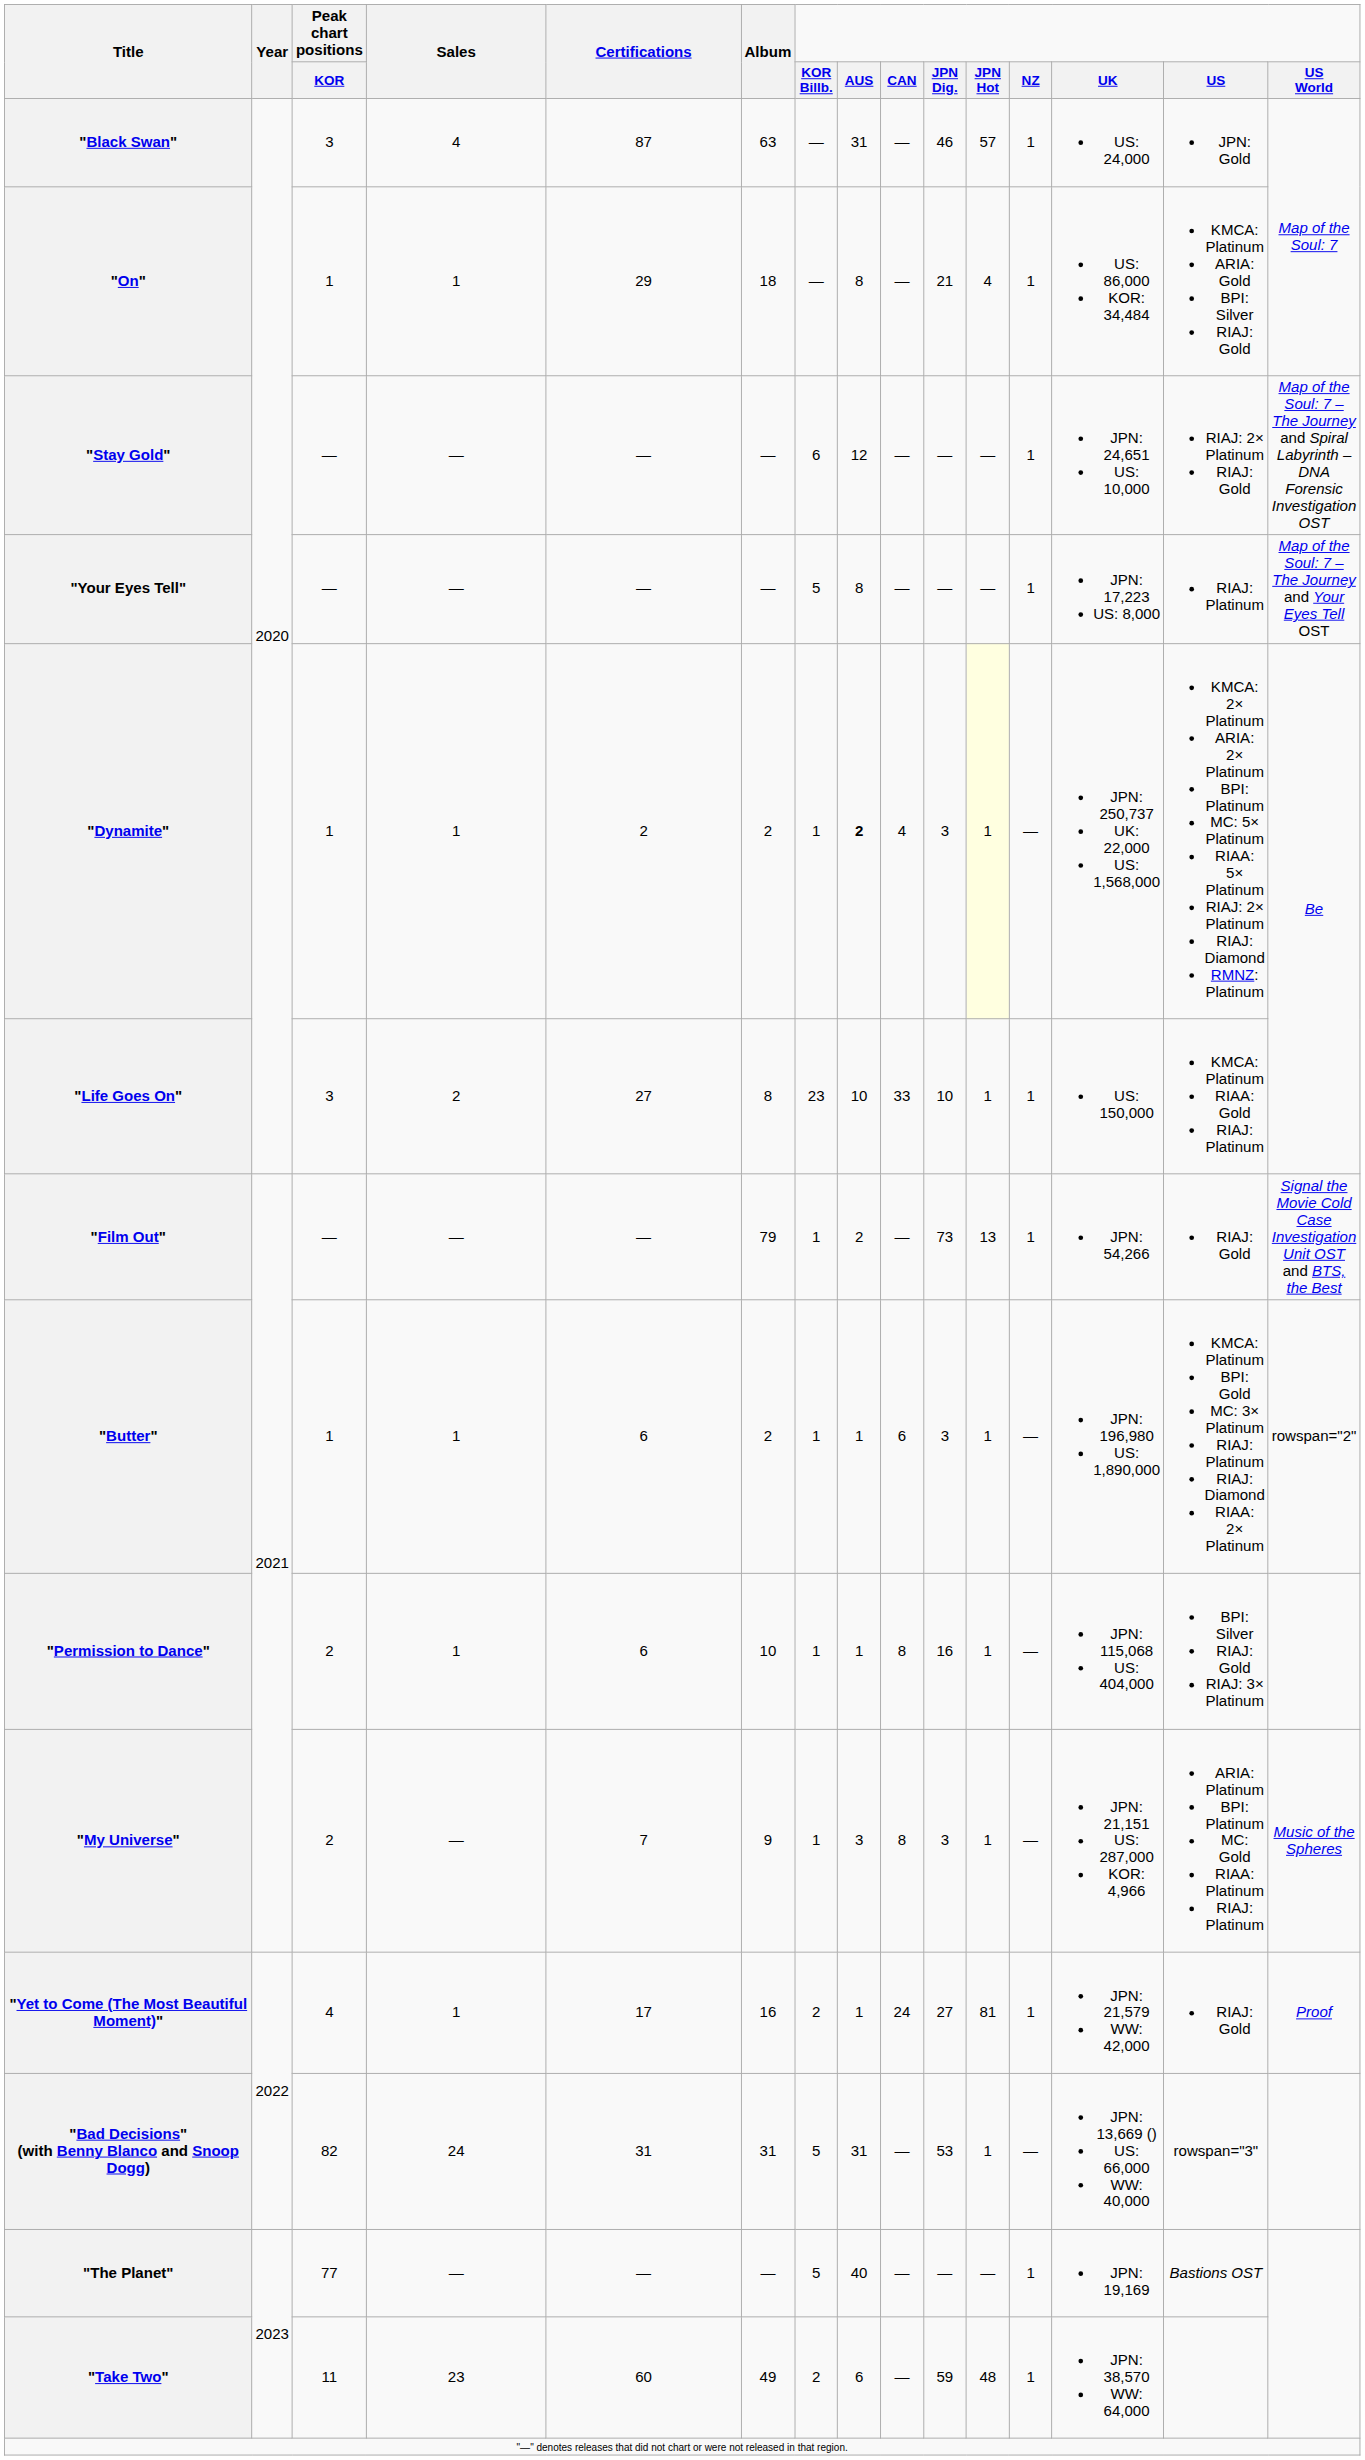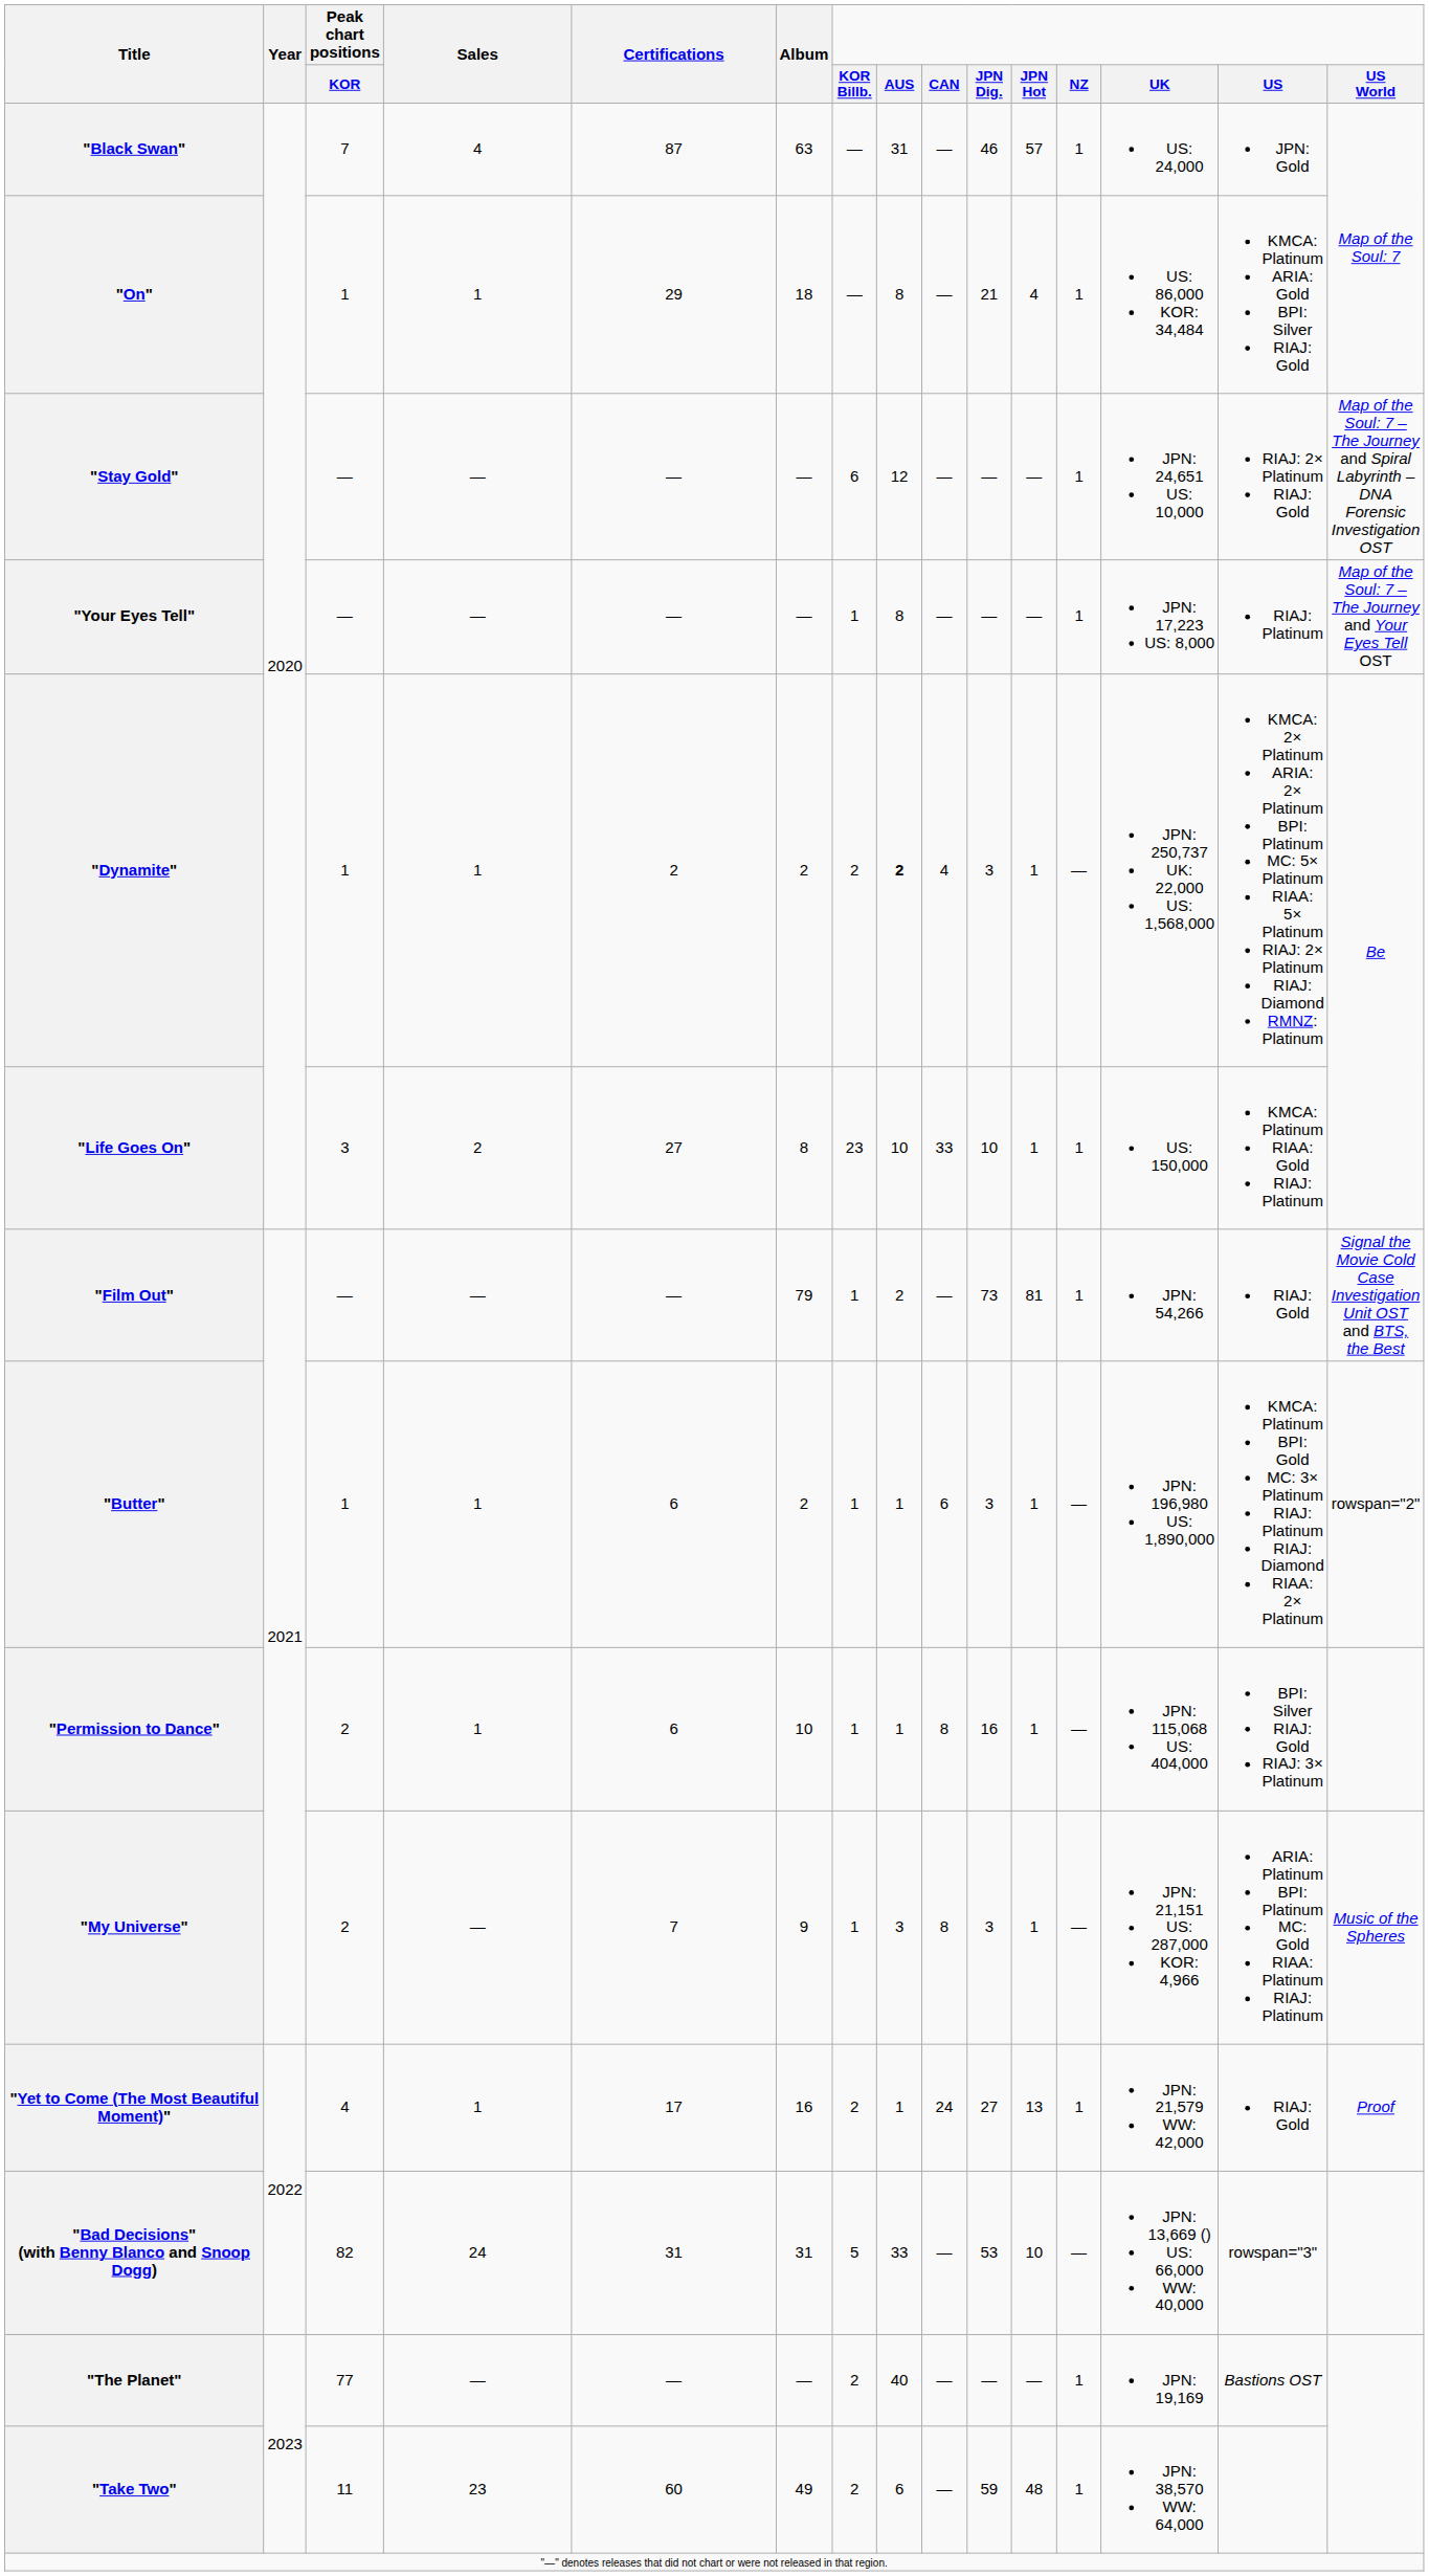 <table class="wikitable plainrowheaders" style="text-align:center;">
 <tr>
 <th scope="col" rowspan="2" style="width:16em;">Title</th>
 <th scope="col" rowspan="2">Year</th>
 <th scope="col">Peak chart positions</th>
 <th scope="col" rowspan="2" style="width:11.5em;">Sales<br></th>
 <th scope="col" rowspan="2" style="width:12.5em;"><a href='#'>Certifications</a><br></th>
 <th scope="col" rowspan="2">Album</th>
 </tr>
 <tr>
 <th scope="col" style="width:2.7em;font-size:90%;"><a href='#'>KOR</a><br></th>
 <th scope="col" style="width:2.7em;font-size:90%;"><a href='#'>KOR<br>Billb.</a><br></th>
 <th scope="col" style="width:2.7em;font-size:90%;"><a href='#'>AUS</a><br></th>
 <th scope="col" style="width:2.7em;font-size:90%;"><a href='#'>CAN</a><br></th>
 <th scope="col" style="width:2.7em;font-size:90%;"><a href='#'>JPN<br>Dig.</a><br></th>
 <th scope="col" style="width:2.7em;font-size:90%;"><a href='#'>JPN<br>Hot</a><br></th>
 <th scope="col" style="width:2.7em;font-size:90%;"><a href='#'>NZ</a><br></th>
 <th scope="col" style="width:2.7em;font-size:90%;"><a href='#'>UK</a><br></th>
 <th scope="col" style="width:2.7em;font-size:90%;"><a href='#'>US</a><br></th>
 <th scope="col" style="width:2.7em;font-size:90%;"><a href='#'>US<br>World</a><br></th>
 </tr>
 <tr>
 <th scope="row">"<a href='#'>Black Swan</a>"</th>
 <td rowspan="6">2020</td>
-<td>3</td>
+<td>7</td>
 <td>4</td>
 <td>87</td>
 <td>63</td>
 <td>—</td>
 <td>31</td>
 <td>—</td>
 <td>46</td>
 <td>57</td>
 <td>1</td>
 <td><br><ul><li>US: 24,000</li></ul></td>
 <td><br><ul><li>JPN: Gold</li></ul></td>
 <td rowspan="2"><em><a href='#'>Map of the Soul: 7</a></em></td>
 </tr>
 <tr>
 <th scope="row">"<a href='#'>On</a>"</th>
 <td>1</td>
 <td>1</td>
 <td>29</td>
 <td>18</td>
 <td>—</td>
 <td>8</td>
 <td>—</td>
 <td>21</td>
 <td>4</td>
 <td>1</td>
 <td><br><ul><li>US: 86,000</li><li>KOR: 34,484</li></ul></td>
 <td><br><ul><li>KMCA: Platinum</li><li>ARIA: Gold</li><li>BPI: Silver</li><li>RIAJ: Gold</li></ul></td>
 </tr>
 <tr>
 <th scope="row">"<a href='#'>Stay Gold</a>"</th>
 <td>—</td>
 <td>—</td>
 <td>—</td>
 <td>—</td>
 <td>6</td>
 <td>12</td>
 <td>—</td>
 <td>—</td>
 <td>—</td>
 <td>1</td>
 <td><br><ul><li>JPN: 24,651 </li><li>US: 10,000</li></ul></td>
 <td><br><ul><li>RIAJ: 2× Platinum</li><li>RIAJ: Gold</li></ul></td>
 <td><em><a href='#'>Map of the Soul: 7 – The Journey</a></em><br> and <em>Spiral Labyrinth – DNA Forensic Investigation OST</em></td>
 </tr>
 <tr>
 <th scope="row">"Your Eyes Tell"</th>
 <td>—</td>
 <td>—</td>
 <td>—</td>
 <td>—</td>
-<td>5</td>
+<td>1</td>
 <td>8</td>
 <td>—</td>
 <td>—</td>
 <td>—</td>
 <td>1</td>
 <td><br><ul><li>JPN: 17,223 </li><li>US: 8,000</li></ul></td>
 <td><br><ul><li>RIAJ: Platinum</li></ul></td>
 <td><em><a href='#'>Map of the Soul: 7 – The Journey</a></em><br>and <em><a href='#'>Your Eyes Tell</a></em> OST</td>
 </tr>
 <tr>
 <th scope="row">"<a href='#'>Dynamite</a>"</th>
 <td>1</td>
 <td>1</td>
 <td>2</td>
 <td>2</td>
-<td>1</td>
+<td>2</td>
 <td><strong>2</strong></td>
 <td>4</td>
 <td>3</td>
-<td style="background: lightyellow;">1</td>
+<td>1</td>
 <td>—</td>
 <td><br><ul><li>JPN: 250,737 </li><li>UK: 22,000</li><li>US: 1,568,000</li></ul></td>
 <td><br><ul><li>KMCA: 2× Platinum</li><li>ARIA: 2× Platinum</li><li>BPI: Platinum</li><li>MC: 5× Platinum</li><li>RIAA: 5× Platinum</li><li>RIAJ: 2× Platinum</li><li>RIAJ: Diamond</li><li><a href='#'>RMNZ</a>: Platinum</li></ul></td>
 <td rowspan="2"><em><a href='#'>Be</a></em></td>
 </tr>
 <tr>
 <th scope="row">"<a href='#'>Life Goes On</a>"</th>
 <td>3</td>
 <td>2</td>
 <td>27</td>
 <td>8</td>
 <td>23</td>
 <td>10</td>
 <td>33</td>
 <td>10</td>
 <td>1</td>
 <td>1</td>
 <td><br><ul><li>US: 150,000</li></ul></td>
 <td><br><ul><li>KMCA: Platinum</li><li>RIAA: Gold</li><li>RIAJ: Platinum</li></ul></td>
 </tr>
 <tr>
 <th scope="row">"<a href='#'>Film Out</a>"</th>
 <td rowspan="4">2021</td>
 <td>—</td>
 <td>—</td>
 <td>—</td>
 <td>79</td>
 <td>1</td>
 <td>2</td>
 <td>—</td>
 <td>73</td>
-<td>13</td>
+<td>81</td>
 <td>1</td>
 <td><br><ul><li>JPN: 54,266 </li></ul></td>
 <td><br><ul><li>RIAJ: Gold</li></ul></td>
 <td><em><a href='#'>Signal the Movie Cold Case Investigation Unit OST</a></em><br> and <em><a href='#'>BTS, the Best</a></em></td>
 </tr>
 <tr>
 <th scope="row">"<a href='#'>Butter</a>"</th>
 <td>1</td>
 <td>1</td>
 <td>6</td>
 <td>2</td>
 <td>1</td>
 <td>1</td>
 <td>6</td>
 <td>3</td>
 <td>1</td>
 <td>—</td>
 <td><br><ul><li>JPN: 196,980 </li><li>US: 1,890,000</li></ul></td>
 <td><br><ul><li>KMCA: Platinum</li><li>BPI: Gold</li><li>MC: 3× Platinum</li><li>RIAJ: Platinum</li><li>RIAJ: Diamond</li><li>RIAA: 2× Platinum</li></ul></td>
 <td>rowspan="2" </td>
 </tr>
 <tr>
 <th scope="row">"<a href='#'>Permission to Dance</a>"</th>
 <td>2</td>
 <td>1</td>
 <td>6</td>
 <td>10</td>
 <td>1</td>
 <td>1</td>
 <td>8</td>
 <td>16</td>
 <td>1</td>
 <td>—</td>
 <td><br><ul><li>JPN: 115,068 </li><li>US: 404,000</li></ul></td>
 <td><br><ul><li>BPI: Silver</li><li>RIAJ: Gold</li><li>RIAJ: 3× Platinum</li></ul></td>
 </tr>
 <tr>
 <th scope="row">"<a href='#'>My Universe</a>"<br></th>
 <td>2</td>
 <td>—</td>
 <td>7</td>
 <td>9</td>
 <td>1</td>
 <td>3</td>
 <td>8</td>
 <td>3</td>
 <td>1</td>
 <td>—</td>
 <td><br><ul><li>JPN: 21,151</li><li>US: 287,000</li><li>KOR: 4,966</li></ul></td>
 <td><br><ul><li>ARIA: Platinum</li><li>BPI: Platinum</li><li>MC: Gold</li><li>RIAA: Platinum</li><li>RIAJ: Platinum</li></ul></td>
 <td><em><a href='#'>Music of the Spheres</a></em></td>
 </tr>
 <tr>
 <th scope="row">"<a href='#'>Yet to Come (The Most Beautiful Moment)</a>"</th>
 <td rowspan="2">2022</td>
 <td>4</td>
 <td>1</td>
 <td>17</td>
 <td>16</td>
 <td>2</td>
 <td>1</td>
 <td>24</td>
 <td>27</td>
-<td>81</td>
+<td>13</td>
 <td>1</td>
 <td><br><ul><li>JPN: 21,579 </li><li>WW: 42,000</li></ul></td>
 <td><br><ul><li>RIAJ: Gold</li></ul></td>
 <td><em><a href='#'>Proof</a></em></td>
 </tr>
 <tr>
 <th scope="row">"<a href='#'>Bad Decisions</a>"<br><span>(with <a href='#'>Benny Blanco</a> and <a href='#'>Snoop Dogg</a>)</span></th>
 <td>82</td>
 <td>24</td>
 <td>31</td>
 <td>31</td>
 <td>5</td>
-<td>31</td>
+<td>33</td>
 <td>—</td>
 <td>53</td>
-<td>1</td>
+<td>10</td>
 <td>—</td>
 <td><br><ul><li>JPN: 13,669 ()</li><li>US: 66,000</li><li>WW: 40,000</li></ul></td>
 <td>rowspan="3" </td>
 <td></td>
 </tr>
 <tr>
 <th scope="row">"The Planet"</th>
 <td rowspan="2">2023</td>
 <td>77</td>
 <td>—</td>
 <td>—</td>
 <td>—</td>
-<td>5</td>
+<td>2</td>
 <td>40</td>
 <td>—</td>
 <td>—</td>
 <td>—</td>
 <td>1</td>
 <td><br><ul><li>JPN: 19,169</li></ul></td>
 <td><em>Bastions OST</em></td>
 </tr>
 <tr>
 <th scope="row">"<a href='#'>Take Two</a>"</th>
 <td>11</td>
 <td>23</td>
 <td>60</td>
 <td>49</td>
 <td>2</td>
 <td>6</td>
 <td>—</td>
 <td>59</td>
 <td>48</td>
 <td>1</td>
 <td><br><ul><li>JPN: 38,570 </li><li>WW: 64,000</li></ul></td>
 <td></td>
 </tr>
 <tr>
 <td colspan="17" style="font-size:8pt">"—" denotes releases that did not chart or were not released in that region.</td>
 </tr>
 </table>
